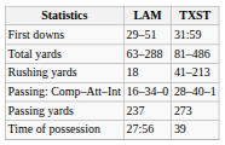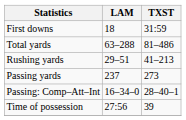 <table class="wikitable" style="float: left;">
 <tr>
 <th>Statistics</th>
 <th>LAM</th>
 <th>TXST</th>
 </tr>
 <tr>
 <td>First downs</td>
-<td>29–51</td>
+<td>18</td>
 <td>31:59</td>
 </tr>
 <tr>
 <td>Total yards</td>
 <td>63–288</td>
 <td>81–486</td>
 </tr>
 <tr>
 <td>Rushing yards</td>
-<td>18</td>
+<td>29–51</td>
 <td>41–213</td>
+</tr>
+<tr>
+<td>Passing yards</td>
+<td>237</td>
+<td>273</td>
 </tr>
 <tr>
 <td>Passing: Comp–Att–Int</td>
 <td>16–34–0</td>
 <td>28–40–1</td>
-</tr>
-<tr>
-<td>Passing yards</td>
-<td>237</td>
-<td>273</td>
 </tr>
 <tr>
 <td>Time of possession</td>
 <td>27:56</td>
 <td>39</td>
 </tr>
 <tr>
 </tr>
 </table>
